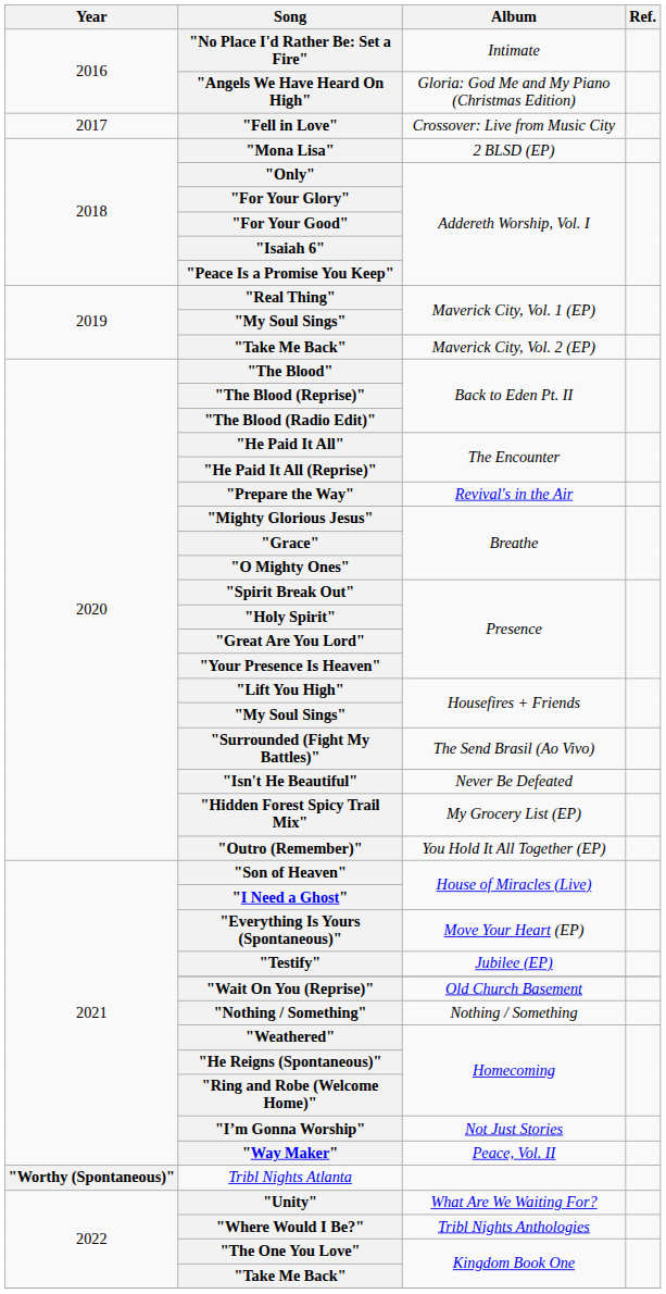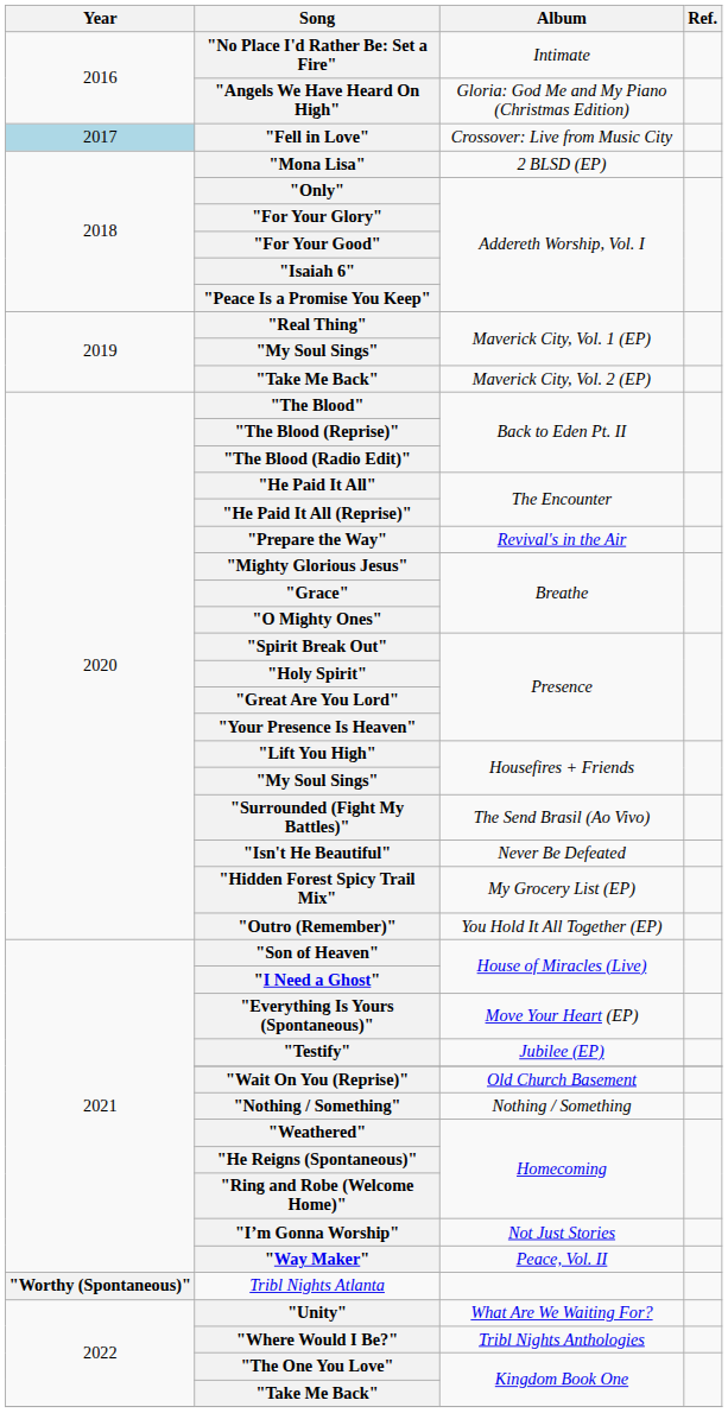 <table class="wikitable plainrowheaders" style="text-align:center;">
 <tr>
 <th scope="col">Year</th>
 <th scope="col" style="width:14em;">Song</th>
 <th scope="col" style="width:14em;">Album</th>
 <th scope="col">Ref.</th>
 </tr>
 <tr>
 <td rowspan="2">2016</td>
 <th scope="row">"No Place I'd Rather Be: Set a Fire"<br></th>
 <td><em>Intimate</em></td>
 <td></td>
 </tr>
 <tr>
 <th scope="row">"Angels We Have Heard On High"<br></th>
 <td><em>Gloria: God Me and My Piano (Christmas Edition)</em></td>
 <td></td>
 </tr>
 <tr>
-<td>2017</td>
+<td style="background: lightblue;">2017</td>
 <th scope="row">"Fell in Love"<br></th>
 <td><em>Crossover: Live from Music City</em></td>
 <td></td>
 </tr>
 <tr>
 <td rowspan="6">2018</td>
 <th scope="row">"Mona Lisa"<br></th>
 <td><em>2 BLSD (EP)</em></td>
 <td></td>
 </tr>
 <tr>
 <th scope="row">"Only"<br></th>
 <td rowspan="5"><em>Addereth Worship, Vol. I</em></td>
 <td rowspan="5"></td>
 </tr>
 <tr>
 <th scope="row">"For Your Glory"<br></th>
 </tr>
 <tr>
 <th scope="row">"For Your Good"<br></th>
 </tr>
 <tr>
 <th scope="row">"Isaiah 6"<br></th>
 </tr>
 <tr>
 <th scope="row">"Peace Is a Promise You Keep"<br></th>
 </tr>
 <tr>
 <td rowspan="3">2019</td>
 <th scope="row">"Real Thing"<br></th>
 <td rowspan="2"><em>Maverick City, Vol. 1 (EP)</em></td>
 <td rowspan="2"></td>
 </tr>
 <tr>
 <th scope="row">"My Soul Sings"<br></th>
 </tr>
 <tr>
 <th scope="row">"Take Me Back"<br></th>
 <td><em>Maverick City, Vol. 2 (EP)</em></td>
 <td></td>
 </tr>
 <tr>
 <td rowspan="19">2020</td>
 <th scope="row">"The Blood"<br></th>
 <td rowspan="3"><em>Back to Eden Pt. II</em></td>
 <td rowspan="3"></td>
 </tr>
 <tr>
 <th scope="row">"The Blood (Reprise)"<br></th>
 </tr>
 <tr>
 <th scope="row">"The Blood (Radio Edit)"<br></th>
 </tr>
 <tr>
 <th scope="row">"He Paid It All"<br></th>
 <td rowspan="2"><em>The Encounter</em></td>
 <td rowspan="2"></td>
 </tr>
 <tr>
 <th scope="row">"He Paid It All (Reprise)"<br></th>
 </tr>
 <tr>
 <th scope="row">"Prepare the Way"<br></th>
 <td><em><a href='#'>Revival's in the Air</a></em></td>
 <td></td>
 </tr>
 <tr>
 <th scope="row">"Mighty Glorious Jesus"<br></th>
 <td rowspan="3"><em>Breathe</em></td>
 <td rowspan="3"></td>
 </tr>
 <tr>
 <th scope="row">"Grace"<br></th>
 </tr>
 <tr>
 <th scope="row">"O Mighty Ones"<br></th>
 </tr>
 <tr>
 <th scope="row">"Spirit Break Out"<br></th>
 <td rowspan="4"><em>Presence</em></td>
 <td rowspan="4"></td>
 </tr>
 <tr>
 <th scope="row">"Holy Spirit"<br></th>
 </tr>
 <tr>
 <th scope="row">"Great Are You Lord"<br></th>
 </tr>
 <tr>
 <th scope="row">"Your Presence Is Heaven"<br></th>
 </tr>
 <tr>
 <th scope="row">"Lift You High"<br></th>
 <td rowspan="2"><em>Housefires + Friends</em></td>
 <td rowspan="2"></td>
 </tr>
 <tr>
 <th scope="row">"My Soul Sings"<br></th>
 </tr>
 <tr>
 <th scope="row">"Surrounded (Fight My Battles)"<br></th>
 <td><em>The Send Brasil (Ao Vivo)</em></td>
 <td></td>
 </tr>
 <tr>
 <th scope="row">"Isn't He Beautiful"<br></th>
 <td><em>Never Be Defeated</em></td>
 <td></td>
 </tr>
 <tr>
 <th scope="row">"Hidden Forest Spicy Trail Mix"<br></th>
 <td><em>My Grocery List (EP)</em></td>
 <td></td>
 </tr>
 <tr>
 <th scope="row">"Outro (Remember)"<br></th>
 <td><em>You Hold It All Together (EP)</em></td>
 <td></td>
 </tr>
 <tr>
 <td rowspan="12">2021</td>
 <th scope="row">"Son of Heaven"<br></th>
 <td rowspan="2"><em><a href='#'>House of Miracles (Live)</a></em></td>
 <td rowspan="2"></td>
 </tr>
 <tr>
 <th scope="row">"<a href='#'>I Need a Ghost</a>"<br></th>
 </tr>
 <tr>
 <th scope="row">"Everything Is Yours (Spontaneous)"<br></th>
 <td><em><a href='#'>Move Your Heart</a> (EP)</em></td>
 <td></td>
 </tr>
 <tr>
 <th scope="row">"Testify"<br></th>
 <td><em><a href='#'>Jubilee (EP)</a></em></td>
 <td></td>
 </tr>
 <tr>
 </tr>
 <tr>
 <th scope="row">"Wait On You (Reprise)"<br></th>
 <td><em><a href='#'>Old Church Basement</a></em></td>
 <td></td>
 </tr>
 <tr>
 <th scope="row">"Nothing / Something"<br></th>
 <td><em>Nothing / Something</em></td>
 <td></td>
 </tr>
 <tr>
 <th scope="row">"Weathered"<br></th>
 <td rowspan="3"><em><a href='#'>Homecoming</a></em></td>
 <td rowspan="3"></td>
 </tr>
 <tr>
 <th scope="row">"He Reigns (Spontaneous)"<br></th>
 </tr>
 <tr>
 <th scope="row">"Ring and Robe (Welcome Home)"<br></th>
 </tr>
 <tr>
 <th scope="row">"I’m Gonna Worship"<br></th>
 <td><em><a href='#'>Not Just Stories</a></em></td>
 <td></td>
 </tr>
 <tr>
 <th scope="row">"<a href='#'>Way Maker</a>"<br></th>
 <td><em><a href='#'>Peace, Vol. II</a></em></td>
 <td></td>
 </tr>
 <tr>
 <th scope="row">"Worthy (Spontaneous)"<br></th>
 <td><em><a href='#'>Tribl Nights Atlanta</a></em></td>
 <td></td>
 </tr>
 <tr>
 <td rowspan="4">2022</td>
 <th scope="row">"Unity"<br></th>
 <td><em><a href='#'>What Are We Waiting For?</a></em></td>
 <td></td>
 </tr>
 <tr>
 <th scope="row">"Where Would I Be?" <br></th>
 <td><em><a href='#'>Tribl Nights Anthologies</a></em></td>
 <td></td>
 </tr>
 <tr>
 <th scope="row">"The One You Love"<br></th>
 <td rowspan="2"><em><a href='#'>Kingdom Book One</a></em></td>
 <td rowspan="2"></td>
 </tr>
 <tr>
 <th scope="row">"Take Me Back"<br></th>
 </tr>
 <tr>
 </tr>
 </table>
